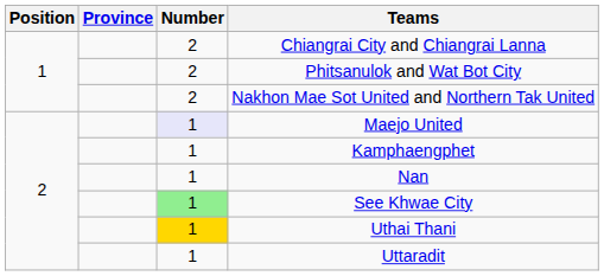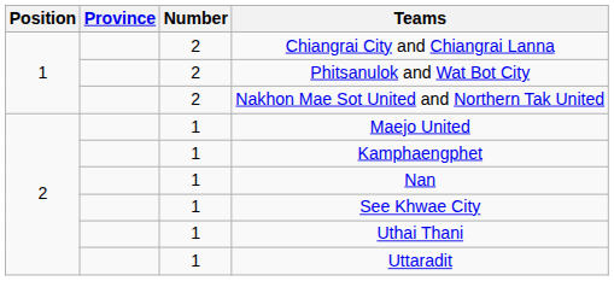 <table class="wikitable">
 <tr>
 <th>Position</th>
 <th><a href='#'>Province</a></th>
 <th>Number</th>
 <th>Teams</th>
 </tr>
 <tr>
 <td align=center rowspan="3">1</td>
 <td></td>
 <td align=center>2</td>
 <td align=center><a href='#'>Chiangrai City</a> and <a href='#'>Chiangrai Lanna</a></td>
 </tr>
 <tr>
 <td></td>
 <td align=center>2</td>
 <td align=center><a href='#'>Phitsanulok</a> and <a href='#'>Wat Bot City</a></td>
 </tr>
 <tr>
 <td></td>
 <td align=center>2</td>
 <td align=center><a href='#'>Nakhon Mae Sot United</a> and <a href='#'>Northern Tak United</a></td>
 </tr>
 <tr>
 <td align=center rowspan="6">2</td>
 <td></td>
-<td align=center style="background: lavender;">1</td>
+<td align=center>1</td>
 <td align=center><a href='#'>Maejo United</a></td>
 </tr>
 <tr>
 <td></td>
 <td align=center>1</td>
 <td align=center><a href='#'>Kamphaengphet</a></td>
 </tr>
 <tr>
 <td></td>
 <td align=center>1</td>
 <td align=center><a href='#'>Nan</a></td>
 </tr>
 <tr>
 <td></td>
-<td align=center style="background: lightgreen;">1</td>
+<td align=center>1</td>
 <td align=center><a href='#'>See Khwae City</a></td>
 </tr>
 <tr>
 <td></td>
-<td align=center style="background: gold;">1</td>
+<td align=center>1</td>
 <td align=center><a href='#'>Uthai Thani</a></td>
 </tr>
 <tr>
 <td></td>
 <td align=center>1</td>
 <td align=center><a href='#'>Uttaradit</a></td>
 </tr>
 </table>
